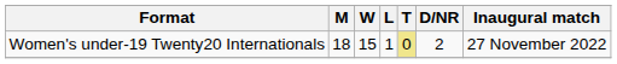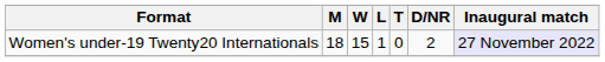 <table class="wikitable" style="text-align: center;">
 <tr>
 </tr>
 <tr>
 <th>Format</th>
 <th>M</th>
 <th>W</th>
 <th>L</th>
 <th>T</th>
 <th>D/NR</th>
 <th>Inaugural match</th>
 </tr>
 <tr>
 <td align="left">Women's under-19 Twenty20 Internationals</td>
 <td>18</td>
 <td>15</td>
 <td>1</td>
-<td style="background: khaki;">0</td>
+<td>0</td>
 <td>2</td>
-<td>27 November 2022</td>
+<td style="background: lavender;">27 November 2022</td>
 </tr>
 <tr>
 </tr>
 </table>
